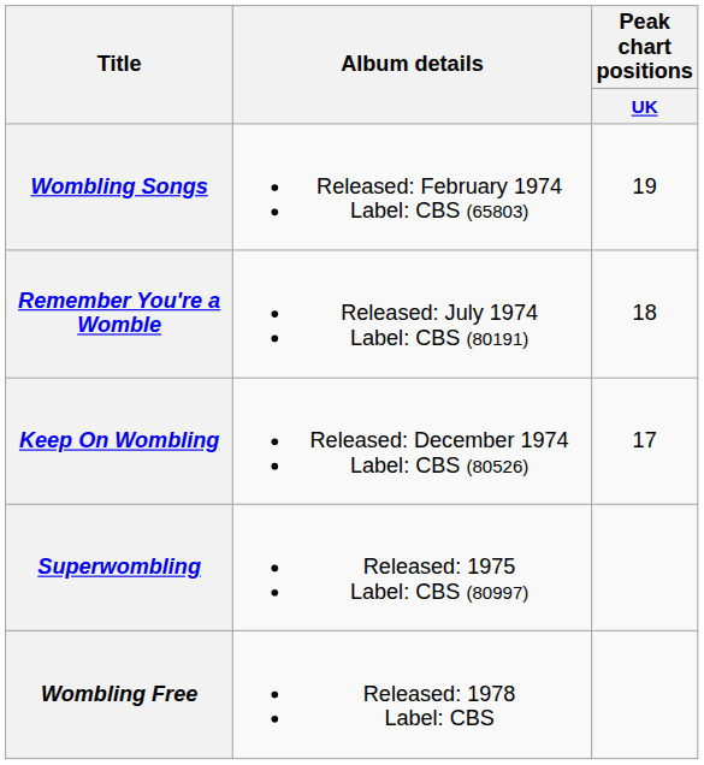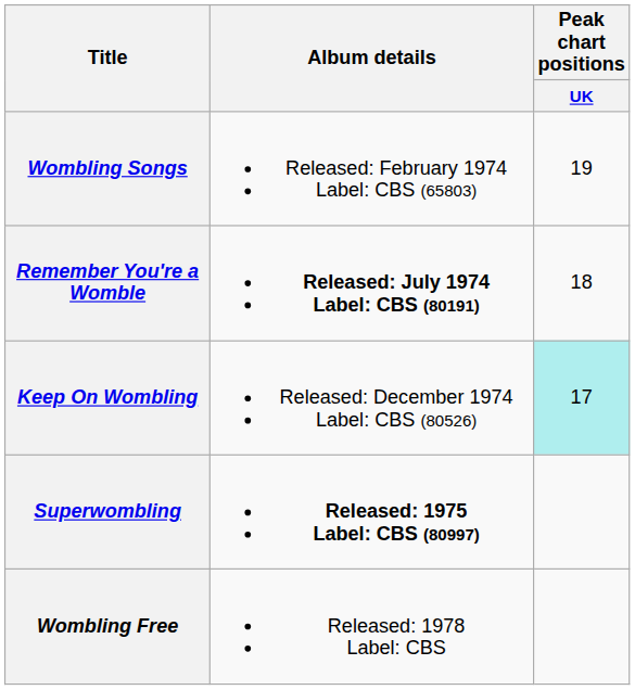 <table class="wikitable plainrowheaders" style="text-align:center;" border="1">
 <tr>
 <th scope="col" rowspan="2" style="width:10em;">Title</th>
 <th scope="col" rowspan="2" style="width:16em;">Album details</th>
 <th scope="col" colspan="1">Peak chart positions</th>
 </tr>
 <tr>
 <th width="35"><small><a href='#'>UK</a><br></small></th>
 </tr>
 <tr>
 <th scope="row"><em><a href='#'>Wombling Songs</a></em></th>
 <td><br><ul><li>Released: February 1974</li><li>Label: CBS <small>(65803)</small></li></ul></td>
 <td>19</td>
 </tr>
 <tr>
 <th scope="row"><em><a href='#'>Remember You're a Womble</a></em></th>
-<td><br><ul><li>Released: July 1974</li><li>Label: CBS <small>(80191)</small></li></ul></td>
+<td><strong><br><ul><li>Released: July 1974</li><li>Label: CBS <small>(80191)</small></li></ul></strong></td>
 <td>18</td>
 </tr>
 <tr>
 <th scope="row"><em><a href='#'>Keep On Wombling</a></em></th>
 <td><br><ul><li>Released: December 1974</li><li>Label: CBS <small>(80526)</small></li></ul></td>
-<td>17</td>
+<td style="background: paleturquoise;">17</td>
 </tr>
 <tr>
 <th scope="row"><em><a href='#'>Superwombling</a></em></th>
-<td><br><ul><li>Released: 1975</li><li>Label: CBS <small>(80997)</small></li></ul></td>
+<td><strong><br><ul><li>Released: 1975</li><li>Label: CBS <small>(80997)</small></li></ul></strong></td>
 <td></td>
 </tr>
 <tr>
 <th scope="row"><em>Wombling Free</em></th>
 <td><br><ul><li>Released: 1978</li><li>Label: CBS</li></ul></td>
 <td></td>
 </tr>
 </table>
